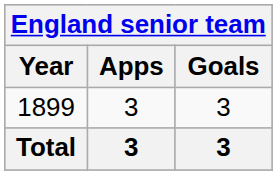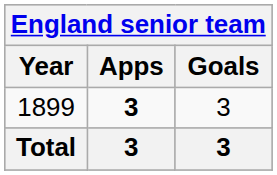 <table class=wikitable style=text-align:center>
 <tr>
 <th colspan=3><a href='#'>England senior team</a></th>
 </tr>
 <tr>
 <th>Year</th>
 <th>Apps</th>
 <th>Goals</th>
 </tr>
 <tr>
 <td>1899</td>
-<td>3</td>
+<td><strong>3</strong></td>
 <td>3</td>
 </tr>
 <tr>
 <th>Total</th>
 <th>3</th>
 <th>3</th>
 </tr>
 </table>
